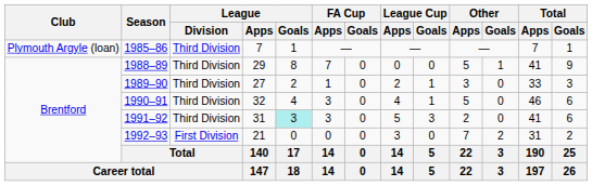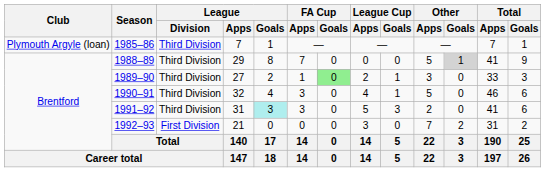 <table class="wikitable" style="text-align: center;">
 <tr>
 <th rowspan="2">Club</th>
 <th rowspan="2">Season</th>
 <th colspan="3">League</th>
 <th colspan="2">FA Cup</th>
 <th colspan="2">League Cup</th>
 <th colspan="2">Other</th>
 <th colspan="2">Total</th>
 </tr>
 <tr>
 <th>Division</th>
 <th>Apps</th>
 <th>Goals</th>
 <th>Apps</th>
 <th>Goals</th>
 <th>Apps</th>
 <th>Goals</th>
 <th>Apps</th>
 <th>Goals</th>
 <th>Apps</th>
 <th>Goals</th>
 </tr>
 <tr>
 <td><a href='#'>Plymouth Argyle</a> (loan)</td>
 <td><a href='#'>1985–86</a></td>
 <td><a href='#'>Third Division</a></td>
 <td>7</td>
 <td>1</td>
 <td colspan="2">—</td>
 <td colspan="2">—</td>
 <td colspan="2">—</td>
 <td>7</td>
 <td>1</td>
 </tr>
 <tr>
 <td rowspan="6"><a href='#'>Brentford</a></td>
 <td><a href='#'>1988–89</a></td>
 <td>Third Division</td>
 <td>29</td>
 <td>8</td>
 <td>7</td>
 <td>0</td>
 <td>0</td>
 <td>0</td>
 <td>5</td>
-<td>1</td>
+<td style="background: lightgrey;">1</td>
 <td>41</td>
 <td>9</td>
 </tr>
 <tr>
 <td><a href='#'>1989–90</a></td>
 <td>Third Division</td>
 <td>27</td>
 <td>2</td>
 <td>1</td>
-<td>0</td>
+<td style="background: lightgreen;">0</td>
 <td>2</td>
 <td>1</td>
 <td>3</td>
 <td>0</td>
 <td>33</td>
 <td>3</td>
 </tr>
 <tr>
 <td><a href='#'>1990–91</a></td>
 <td>Third Division</td>
 <td>32</td>
 <td>4</td>
 <td>3</td>
 <td>0</td>
 <td>4</td>
 <td>1</td>
 <td>5</td>
 <td>0</td>
 <td>46</td>
 <td>6</td>
 </tr>
 <tr>
 <td><a href='#'>1991–92</a></td>
 <td>Third Division</td>
 <td>31</td>
 <td style="background: paleturquoise;">3</td>
 <td>3</td>
 <td>0</td>
 <td>5</td>
 <td>3</td>
 <td>2</td>
 <td>0</td>
 <td>41</td>
 <td>6</td>
 </tr>
 <tr>
 <td><a href='#'>1992–93</a></td>
 <td><a href='#'>First Division</a></td>
 <td>21</td>
 <td>0</td>
 <td>0</td>
 <td>0</td>
 <td>3</td>
 <td>0</td>
 <td>7</td>
 <td>2</td>
 <td>31</td>
 <td>2</td>
 </tr>
 <tr>
 <th colspan="2">Total</th>
 <th>140</th>
 <th>17</th>
 <th>14</th>
 <th>0</th>
 <th>14</th>
 <th>5</th>
 <th>22</th>
 <th>3</th>
 <th>190</th>
 <th>25</th>
 </tr>
 <tr>
 <th colspan="3">Career total</th>
 <th>147</th>
 <th>18</th>
 <th>14</th>
 <th>0</th>
 <th>14</th>
 <th>5</th>
 <th>22</th>
 <th>3</th>
 <th>197</th>
 <th>26</th>
 </tr>
 </table>
